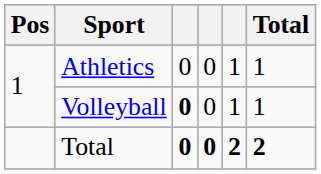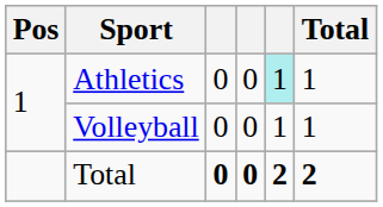 <table class="wikitable">
 <tr>
 <th>Pos</th>
 <th>Sport</th>
 <th bgcolor="gold"></th>
 <th bgcolor="silver"></th>
 <th bgcolor="CC9966"></th>
 <th>Total</th>
 </tr>
 <tr>
 <td rowspan=2>1</td>
 <td><a href='#'>Athletics</a></td>
 <td>0</td>
 <td>0</td>
-<td>1</td>
+<td style="background: paleturquoise;">1</td>
 <td>1</td>
 </tr>
 <tr>
 <td><a href='#'>Volleyball</a></td>
-<td><strong>0</strong></td>
+<td>0</td>
 <td>0</td>
 <td>1</td>
 <td>1</td>
 </tr>
 <tr>
 <td></td>
 <td>Total</td>
 <td><strong> 0 </strong></td>
 <td><strong> 0 </strong></td>
 <td><strong> 2 </strong></td>
 <td><strong>2</strong></td>
 </tr>
 </table>
